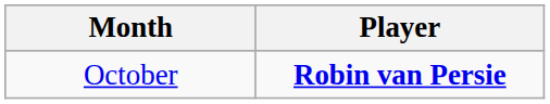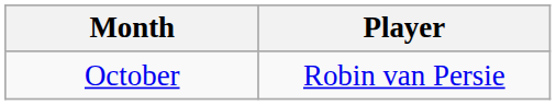 <table class="wikitable" style="text-align:center">
 <tr>
 <th>Month</th>
 <th>Player</th>
 </tr>
 <tr>
 <td width="130"><a href='#'>October</a></td>
-<td width="150"><strong> <a href='#'>Robin van Persie</a></strong></td>
+<td width="150"> <a href='#'>Robin van Persie</a></td>
 </tr>
 </table>
